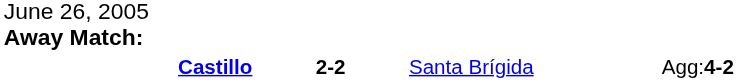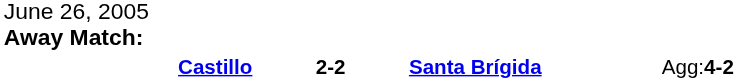 <table width=100% cellspacing=1>
 <tr>
 <th width=20%></th>
 <th width=12%></th>
 <th width=20%></th>
 <th></th>
 </tr>
 <tr>
 <td>June 26, 2005<br><strong>Away Match:</strong></td>
 </tr>
 <tr style=font-size:90%>
 <td align=right><strong><a href='#'>Castillo</a></strong></td>
 <td align=center><strong>2-2</strong></td>
-<td><a href='#'>Santa Brígida</a></td>
+<td><strong><a href='#'>Santa Brígida</a></strong></td>
 <td>Agg:<strong>4-2</strong></td>
 </tr>
 </table>
